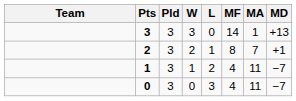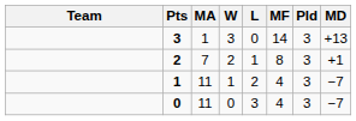 <table class=wikitable style="text-align:center">
 <tr>
 <th width=175>Team</th>
 <th width=20>Pts</th>
-<th width=20>Pld</th>
+<th width=20>MA</th>
 <th width=20>W</th>
 <th width=20>L</th>
 <th width=20>MF</th>
-<th width=20>MA</th>
+<th width=20>Pld</th>
 <th width=20>MD</th>
 </tr>
 <tr>
 <td align=left></td>
 <td><strong>3</strong></td>
-<td>3</td>
+<td>1</td>
 <td>3</td>
 <td>0</td>
 <td>14</td>
-<td>1</td>
+<td>3</td>
 <td>+13</td>
 </tr>
 <tr>
 <td align=left></td>
 <td><strong>2</strong></td>
-<td>3</td>
+<td>7</td>
 <td>2</td>
 <td>1</td>
 <td>8</td>
-<td>7</td>
+<td>3</td>
 <td>+1</td>
 </tr>
 <tr>
 <td align=left></td>
 <td><strong>1</strong></td>
-<td>3</td>
+<td>11</td>
 <td>1</td>
 <td>2</td>
 <td>4</td>
-<td>11</td>
+<td>3</td>
 <td>−7</td>
 </tr>
 <tr>
 <td align=left></td>
 <td><strong>0</strong></td>
-<td>3</td>
+<td>11</td>
 <td>0</td>
 <td>3</td>
 <td>4</td>
-<td>11</td>
+<td>3</td>
 <td>−7</td>
 </tr>
 </table>
